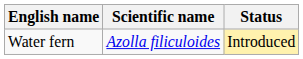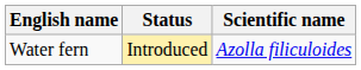 <table class="wikitable" |>
 <tr>
 <th>English name</th>
+<th>Status</th>
 <th>Scientific name</th>
-<th>Status</th>
 </tr>
 <tr>
 <td>Water fern</td>
+<td style="background: #FFF2AE; text-align: ">Introduced</td>
 <td><em><a href='#'>Azolla filiculoides</a></em></td>
-<td style="background: #FFF2AE; text-align: ">Introduced</td>
 </tr>
 </table>
